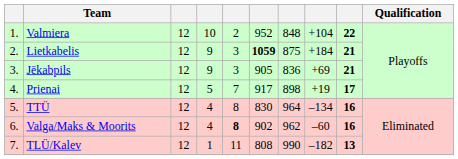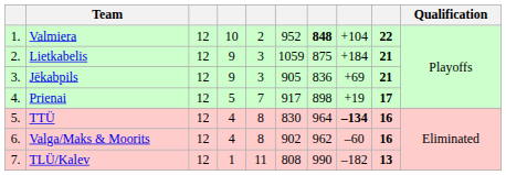 <table class="wikitable" style="text-align: center;">
 <tr>
 <th width=20></th>
 <th width=210>Team</th>
 <th width=30></th>
 <th width=30></th>
 <th width=30></th>
 <th width=30></th>
 <th width=30></th>
 <th width=35></th>
 <th width=30></th>
 <th width=120>Qualification</th>
 </tr>
 <tr bgcolor=#CCFFCC>
 <td>1.</td>
 <td align="left"> <a href='#'>Valmiera</a></td>
 <td>12</td>
 <td>10</td>
 <td>2</td>
 <td>952</td>
-<td>848</td>
+<td><strong>848</strong></td>
 <td>+104</td>
 <td><strong>22</strong></td>
 <td rowspan=4 align="center">Playoffs</td>
 </tr>
 <tr bgcolor=#CCFFCC>
 <td>2.</td>
 <td align="left"> <a href='#'>Lietkabelis</a></td>
 <td>12</td>
 <td>9</td>
 <td>3</td>
-<td><strong>1059</strong></td>
+<td>1059</td>
 <td>875</td>
 <td>+184</td>
 <td><strong>21</strong></td>
 </tr>
 <tr bgcolor=#CCFFCC>
 <td>3.</td>
 <td align="left"> <a href='#'>Jēkabpils</a></td>
 <td>12</td>
 <td>9</td>
 <td>3</td>
 <td>905</td>
 <td>836</td>
 <td>+69</td>
 <td><strong>21</strong></td>
 </tr>
 <tr bgcolor=#CCFFCC>
 <td>4.</td>
 <td align="left"> <a href='#'>Prienai</a></td>
 <td>12</td>
 <td>5</td>
 <td>7</td>
 <td>917</td>
 <td>898</td>
 <td>+19</td>
 <td><strong>17</strong></td>
 </tr>
 <tr bgcolor=#FFCCCC>
 <td>5.</td>
 <td align="left"> <a href='#'>TTÜ</a></td>
 <td>12</td>
 <td>4</td>
 <td>8</td>
 <td>830</td>
 <td>964</td>
-<td>–134</td>
+<td><strong>–134</strong></td>
 <td><strong>16</strong></td>
 <td rowspan=3 align"center">Eliminated</td>
 </tr>
 <tr bgcolor=#FFCCCC>
 <td>6.</td>
 <td align="left"> <a href='#'>Valga/Maks & Moorits</a></td>
 <td>12</td>
 <td>4</td>
-<td><strong>8</strong></td>
+<td>8</td>
 <td>902</td>
 <td>962</td>
 <td>–60</td>
 <td><strong>16</strong></td>
 </tr>
 <tr bgcolor=#FFCCCC>
 <td>7.</td>
 <td align="left"> <a href='#'>TLÜ/Kalev</a></td>
 <td>12</td>
 <td>1</td>
 <td>11</td>
 <td>808</td>
 <td>990</td>
 <td>–182</td>
 <td><strong>13</strong></td>
 </tr>
 </table>
